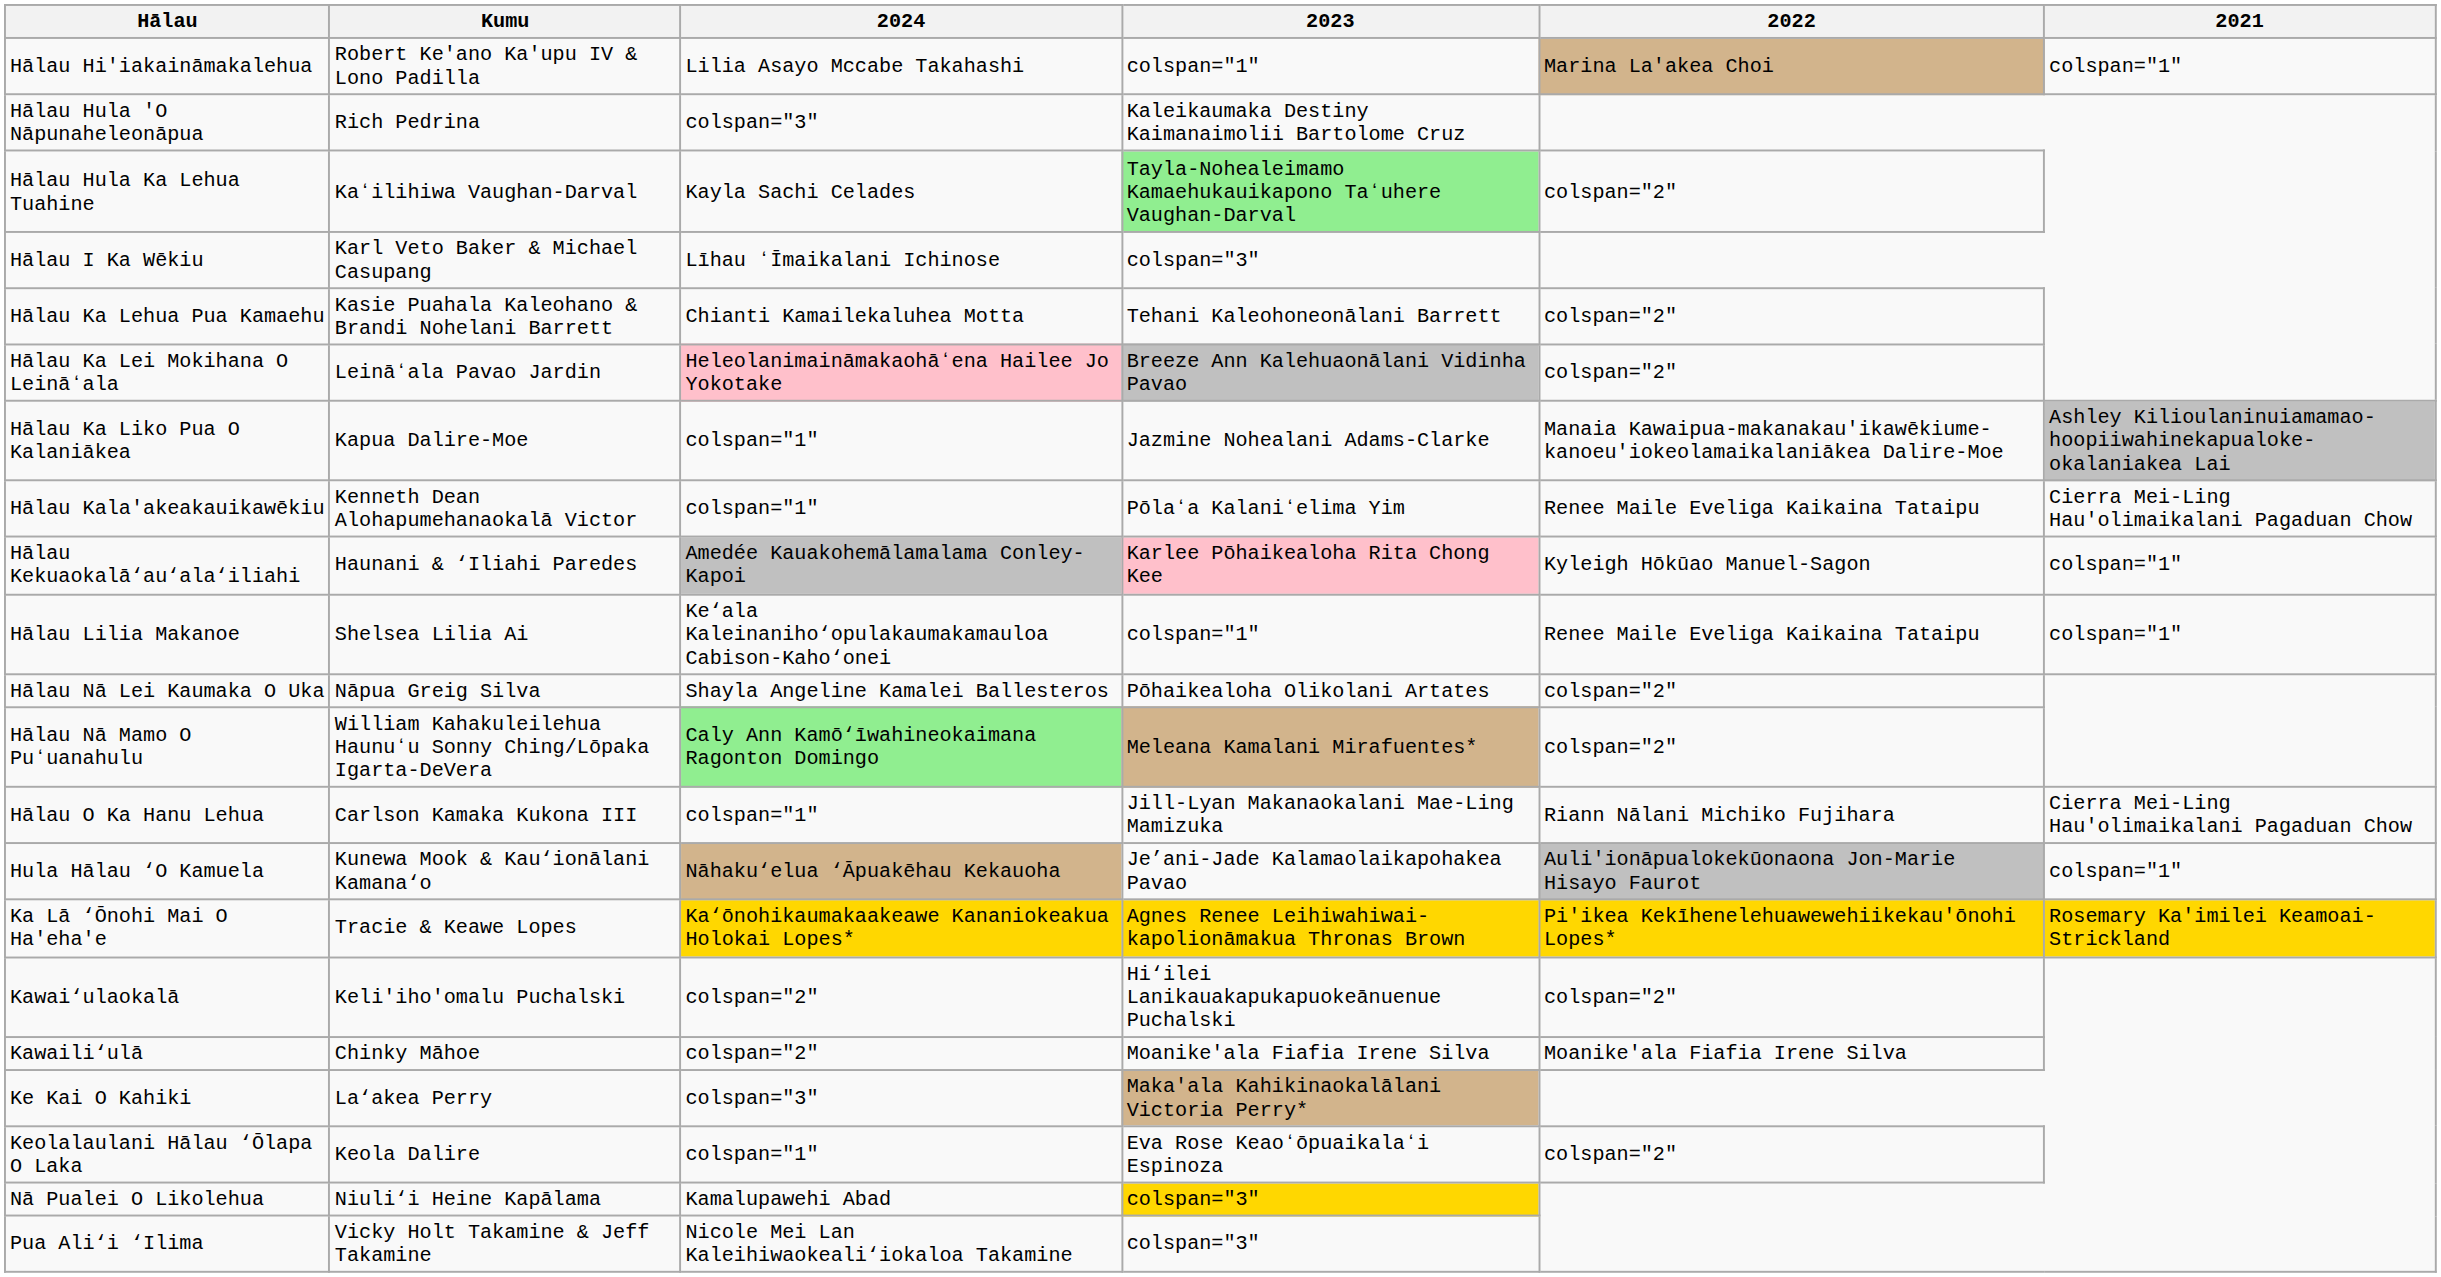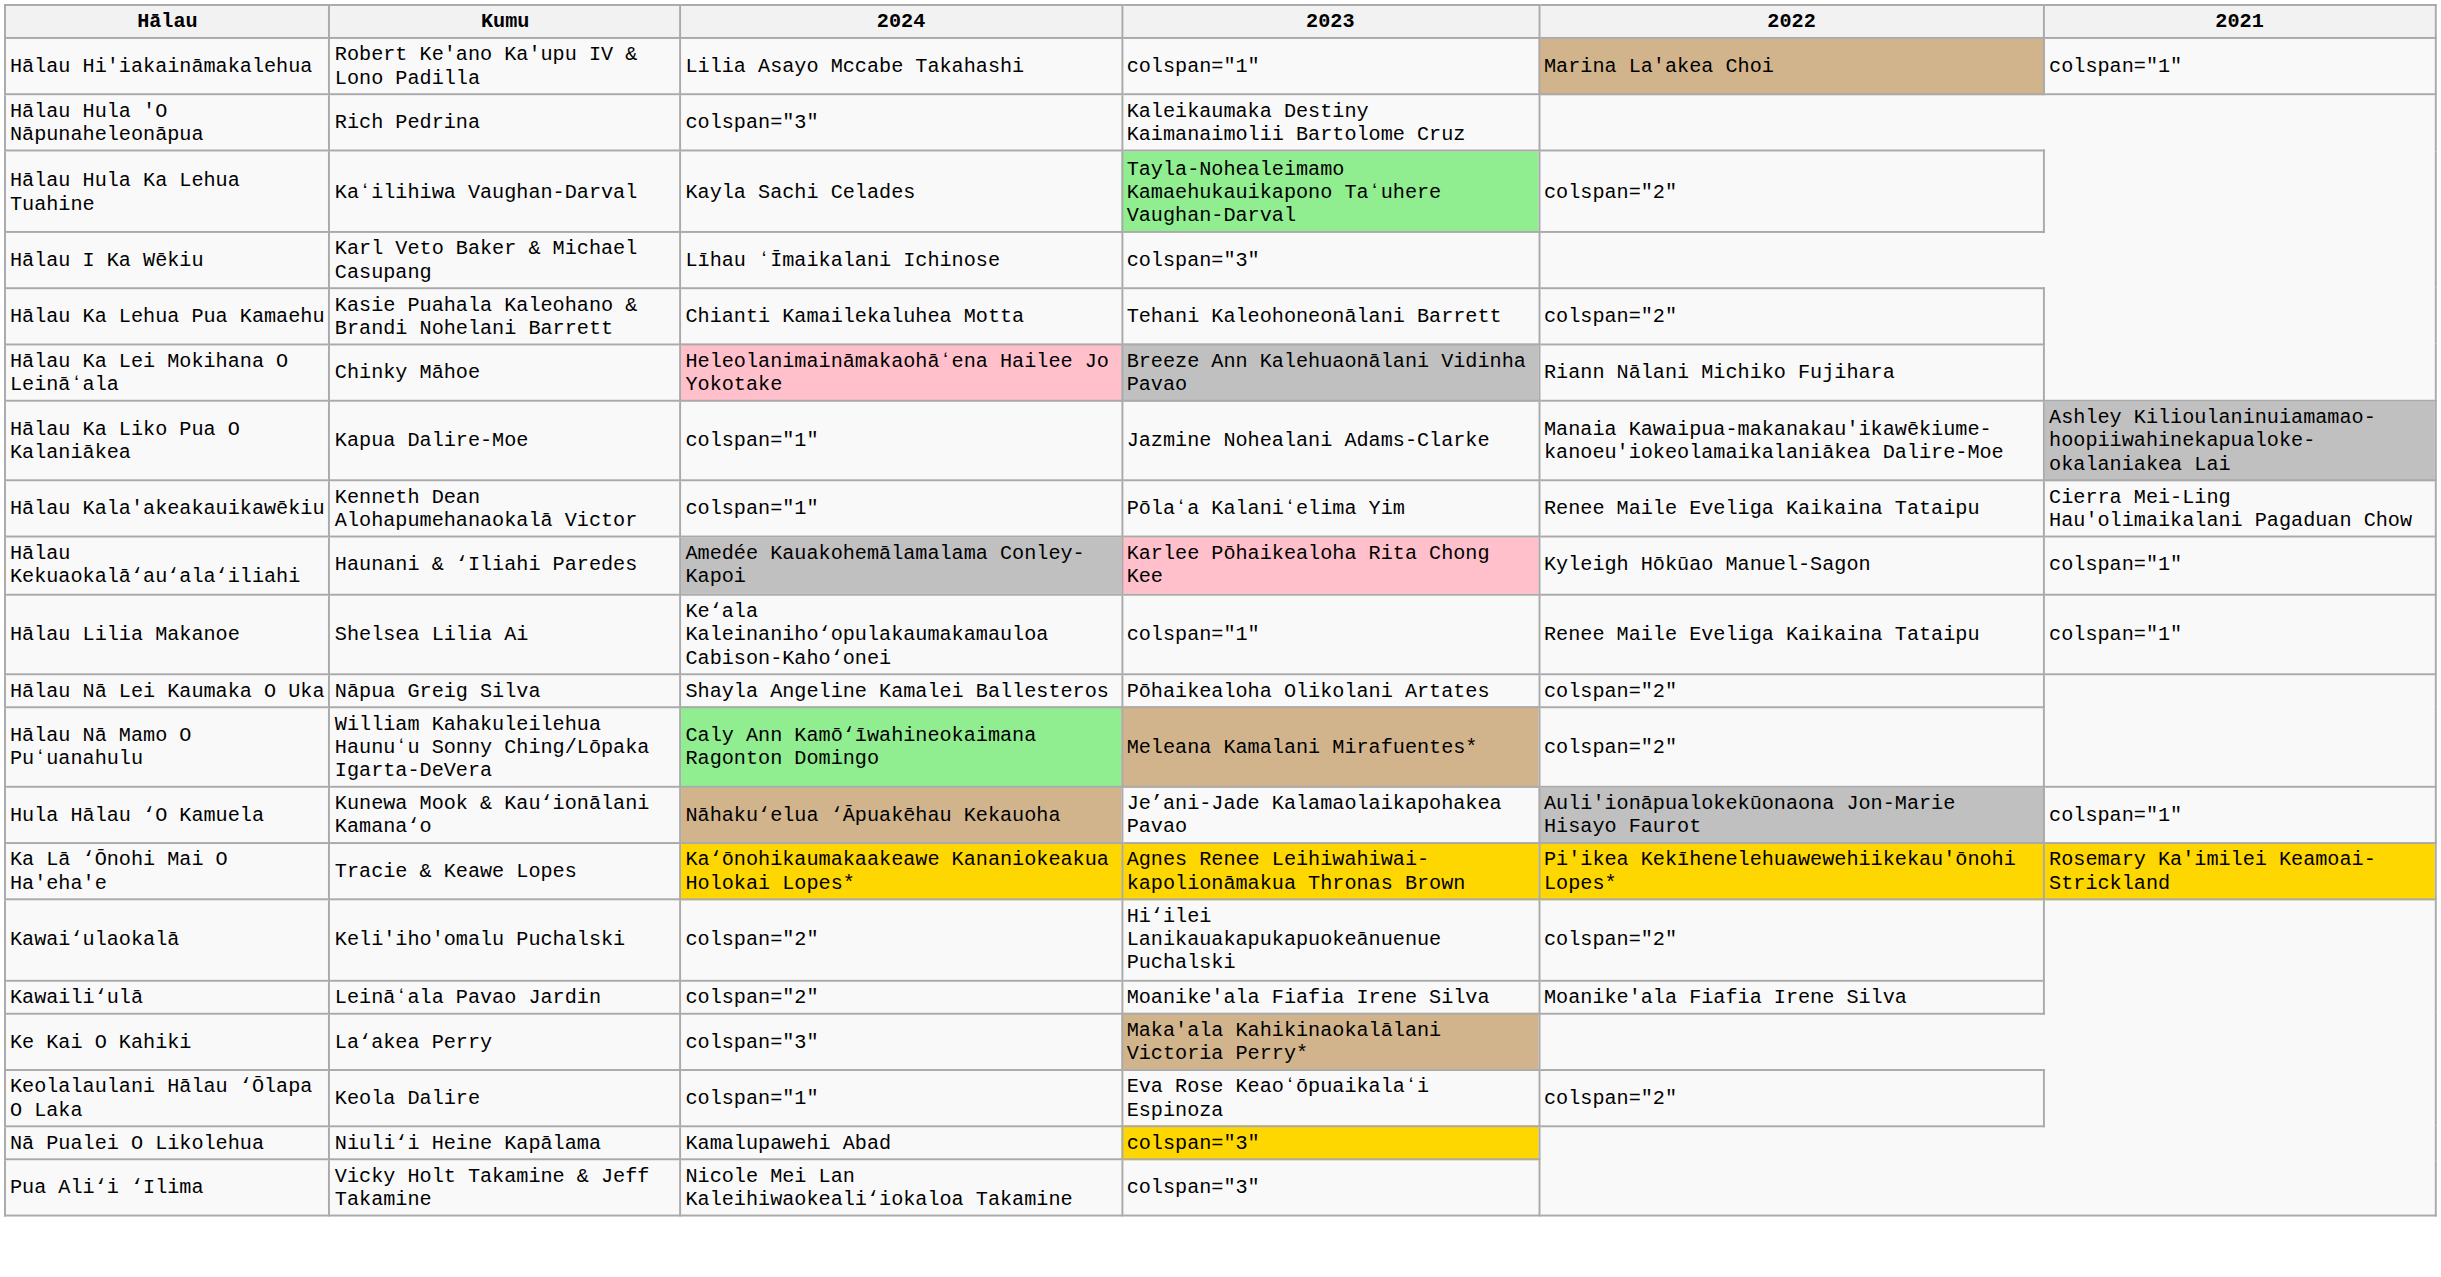 <table class="wikitable collapsible" style="margin:left; font-size:80%; line-height:12px;">
 <tr>
 <th>Hālau</th>
 <th>Kumu</th>
 <th>2024</th>
 <th>2023</th>
 <th>2022</th>
 <th>2021</th>
 </tr>
 <tr>
 <td>Hālau Hi'iakaināmakalehua</td>
 <td>Robert Ke'ano Ka'upu IV & Lono Padilla</td>
 <td>Lilia Asayo Mccabe Takahashi</td>
 <td>colspan="1"</td>
 <td style="background:tan;">Marina La'akea Choi</td>
 <td>colspan="1"</td>
 </tr>
 <tr>
 <td>Hālau Hula 'O Nāpunaheleonāpua</td>
 <td>Rich Pedrina </td>
 <td>colspan="3"</td>
 <td>Kaleikaumaka Destiny Kaimanaimolii Bartolome Cruz</td>
 </tr>
 <tr>
 <td>Hālau Hula Ka Lehua Tuahine</td>
 <td>Kaʻilihiwa Vaughan-Darval</td>
 <td>Kayla Sachi Celades</td>
 <td style="background:lightgreen;">Tayla-Nohealeimamo Kamaehukauikapono Taʻuhere Vaughan-Darval</td>
 <td>colspan="2"</td>
 </tr>
 <tr>
 <td>Hālau I Ka Wēkiu</td>
 <td>Karl Veto Baker & Michael Casupang</td>
 <td>Līhau ʻĪmaikalani Ichinose</td>
 <td>colspan="3"</td>
 </tr>
 <tr>
 <td>Hālau Ka Lehua Pua Kamaehu</td>
 <td>Kasie Puahala Kaleohano & Brandi Nohelani Barrett</td>
 <td>Chianti Kamailekaluhea Motta</td>
 <td>Tehani Kaleohoneonālani Barrett</td>
 <td>colspan="2"</td>
 </tr>
 <tr>
 <td>Hālau Ka Lei Mokihana O Leināʻala</td>
-<td>Leināʻala Pavao Jardin</td>
+<td>Chinky Māhoe</td>
 <td style="background:pink;">Heleolanimaināmakaohāʻena Hailee Jo Yokotake</td>
 <td style="background:silver;">Breeze Ann Kalehuaonālani Vidinha Pavao</td>
-<td>colspan="2"</td>
+<td>Riann Nālani Michiko Fujihara</td>
 </tr>
 <tr>
 <td>Hālau Ka Liko Pua O Kalaniākea</td>
 <td>Kapua Dalire-Moe</td>
 <td>colspan="1"</td>
 <td>Jazmine Nohealani Adams-Clarke</td>
 <td>Manaia Kawaipua-makanakau'ikawēkiume-kanoeu'iokeolamaikalaniākea Dalire-Moe</td>
 <td style="background:silver;">Ashley Kilioulaninuiamamao-hoopiiwahinekapualoke-okalaniakea Lai</td>
 </tr>
 <tr>
 <td>Hālau Kala'akeakauikawēkiu</td>
 <td>Kenneth Dean Alohapumehanaokalā Victor</td>
 <td>colspan="1"</td>
 <td>Pōlaʻa Kalaniʻelima Yim</td>
 <td>Renee Maile Eveliga Kaikaina Tataipu</td>
 <td>Cierra Mei-Ling Hau'olimaikalani Pagaduan Chow</td>
 </tr>
 <tr>
 <td>Hālau Kekuaokalā‘au‘ala‘iliahi</td>
 <td>Haunani & ‘Iliahi Paredes</td>
 <td style="background:silver;">Amedée Kauakohemālamalama Conley-Kapoi</td>
 <td style="background:pink;">Karlee Pōhaikealoha Rita Chong Kee</td>
 <td>Kyleigh Hōkūao Manuel-Sagon</td>
 <td>colspan="1"</td>
 </tr>
 <tr>
 <td>Hālau Lilia Makanoe</td>
 <td>Shelsea Lilia Ai</td>
 <td>Ke‘ala Kaleinaniho‘opulakaumakamauloa Cabison-Kaho‘onei</td>
 <td>colspan="1"</td>
 <td>Renee Maile Eveliga Kaikaina Tataipu</td>
 <td>colspan="1"</td>
 </tr>
 <tr>
 <td>Hālau Nā Lei Kaumaka O Uka</td>
 <td>Nāpua Greig Silva</td>
 <td>Shayla Angeline Kamalei Ballesteros</td>
 <td>Pōhaikealoha Olikolani Artates</td>
 <td>colspan="2"</td>
 </tr>
 <tr>
 <td>Hālau Nā Mamo O Puʻuanahulu</td>
 <td>William Kahakuleilehua Haunuʻu Sonny Ching/Lōpaka Igarta-DeVera</td>
 <td style="background:lightgreen;">Caly Ann Kamō‘īwahineokaimana Ragonton Domingo</td>
 <td style="background:tan;">Meleana Kamalani Mirafuentes*</td>
 <td>colspan="2"</td>
 </tr>
 <tr>
-<td>Hālau O Ka Hanu Lehua</td>
-<td>Carlson Kamaka Kukona III</td>
-<td>colspan="1"</td>
-<td>Jill-Lyan Makanaokalani Mae-Ling Mamizuka</td>
-<td>Riann Nālani Michiko Fujihara</td>
-<td>Cierra Mei-Ling Hau'olimaikalani Pagaduan Chow</td>
-</tr>
-<tr>
 <td>Hula Hālau ‘O Kamuela</td>
 <td>Kunewa Mook & Kau‘ionālani Kamana‘o</td>
 <td style="background:tan;">Nāhaku‘elua ‘Āpuakēhau Kekauoha</td>
 <td>Je’ani-Jade Kalamaolaikapohakea Pavao</td>
 <td style="background:silver;">Auli'ionāpualokekūonaona Jon-Marie Hisayo Faurot</td>
 <td>colspan="1"</td>
 </tr>
 <tr>
 <td>Ka Lā ‘Ōnohi Mai O Ha'eha'e</td>
 <td>Tracie & Keawe Lopes</td>
 <td style="background:gold;">Ka‘ōnohikaumakaakeawe Kananiokeakua Holokai Lopes*</td>
 <td style="background:gold;">Agnes Renee Leihiwahiwai-kapolionāmakua Thronas Brown</td>
 <td style="background:gold;">Pi'ikea Kekīhenelehuawewehiikekau'ōnohi Lopes*</td>
 <td style="background:gold;">Rosemary Ka'imilei Keamoai-Strickland</td>
 </tr>
 <tr>
 <td>Kawai‘ulaokalā</td>
 <td>Keli'iho'omalu Puchalski </td>
 <td>colspan="2"</td>
 <td>Hi‘ilei Lanikauakapukapuokeānuenue Puchalski</td>
 <td>colspan="2"</td>
 </tr>
 <tr>
 <td>Kawaili‘ulā</td>
-<td>Chinky Māhoe</td>
+<td>Leināʻala Pavao Jardin</td>
 <td>colspan="2"</td>
 <td>Moanike'ala Fiafia Irene Silva</td>
 <td>Moanike'ala Fiafia Irene Silva</td>
 </tr>
 <tr>
 <td>Ke Kai O Kahiki</td>
 <td>La‘akea Perry</td>
 <td>colspan="3"</td>
 <td style="background:tan;">Maka'ala Kahikinaokalālani Victoria Perry*</td>
 </tr>
 <tr>
 <td>Keolalaulani Hālau ‘Ōlapa O Laka</td>
 <td>Keola Dalire</td>
 <td>colspan="1"</td>
 <td>Eva Rose Keaoʻōpuaikalaʻi Espinoza</td>
 <td>colspan="2"</td>
 </tr>
 <tr>
 <td>Nā Pualei O Likolehua</td>
 <td>Niuli‘i Heine Kapālama</td>
 <td>Kamalupawehi Abad</td>
 <td style="background: gold;">colspan="3"</td>
 </tr>
 <tr>
 <td>Pua Ali‘i ‘Ilima</td>
 <td>Vicky Holt Takamine & Jeff Takamine</td>
 <td>Nicole Mei Lan Kaleihiwaokeali‘iokaloa Takamine</td>
 <td>colspan="3"</td>
 </tr>
 </table>
